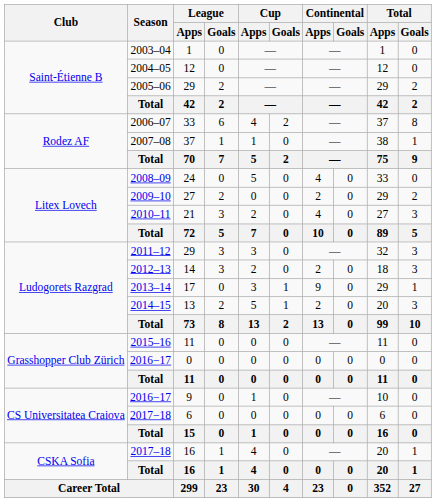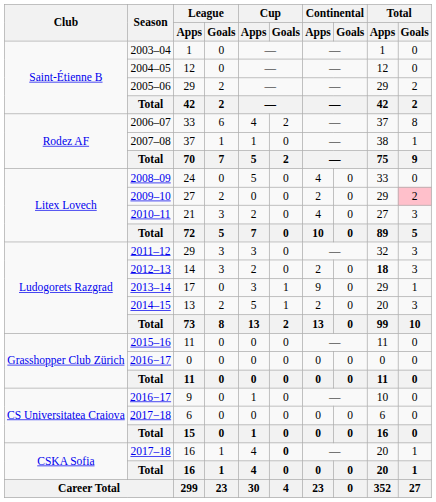 <table class="wikitable" style="text-align: center;">
 <tr>
 <th rowspan="2">Club</th>
 <th rowspan="2">Season</th>
 <th colspan="2">League</th>
 <th colspan="2">Cup</th>
 <th colspan="2">Continental</th>
 <th colspan="2">Total</th>
 </tr>
 <tr>
 <th>Apps</th>
 <th>Goals</th>
 <th>Apps</th>
 <th>Goals</th>
 <th>Apps</th>
 <th>Goals</th>
 <th>Apps</th>
 <th>Goals</th>
 </tr>
 <tr>
 <td rowspan="4"><a href='#'>Saint-Étienne B</a></td>
 <td>2003–04</td>
 <td>1</td>
 <td>0</td>
 <td colspan="2">—</td>
 <td colspan="2">—</td>
 <td>1</td>
 <td>0</td>
 </tr>
 <tr>
 <td>2004–05</td>
 <td>12</td>
 <td>0</td>
 <td colspan="2">—</td>
 <td colspan="2">—</td>
 <td>12</td>
 <td>0</td>
 </tr>
 <tr>
 <td>2005–06</td>
 <td>29</td>
 <td>2</td>
 <td colspan="2">—</td>
 <td colspan="2">—</td>
 <td>29</td>
 <td>2</td>
 </tr>
 <tr>
 <th>Total</th>
 <th>42</th>
 <th>2</th>
 <th colspan="2">—</th>
 <th colspan="2">—</th>
 <th>42</th>
 <th>2</th>
 </tr>
 <tr>
 <td rowspan="3"><a href='#'>Rodez AF</a></td>
 <td>2006–07</td>
 <td>33</td>
 <td>6</td>
 <td>4</td>
 <td>2</td>
 <td colspan="2">—</td>
 <td>37</td>
 <td>8</td>
 </tr>
 <tr>
 <td>2007–08</td>
 <td>37</td>
 <td>1</td>
 <td>1</td>
 <td>0</td>
 <td colspan="2">—</td>
 <td>38</td>
 <td>1</td>
 </tr>
 <tr>
 <th>Total</th>
 <th>70</th>
 <th>7</th>
 <th>5</th>
 <th>2</th>
 <th colspan="2">—</th>
 <th>75</th>
 <th>9</th>
 </tr>
 <tr>
 <td rowspan="4"><a href='#'>Litex Lovech</a></td>
 <td><a href='#'>2008–09</a></td>
 <td>24</td>
 <td>0</td>
 <td>5</td>
 <td>0</td>
 <td>4</td>
 <td>0</td>
 <td>33</td>
 <td>0</td>
 </tr>
 <tr>
 <td><a href='#'>2009–10</a></td>
 <td>27</td>
 <td>2</td>
 <td>0</td>
 <td>0</td>
 <td>2</td>
 <td>0</td>
 <td>29</td>
-<td>2</td>
+<td style="background: pink;">2</td>
 </tr>
 <tr>
 <td><a href='#'>2010–11</a></td>
 <td>21</td>
 <td>3</td>
 <td>2</td>
 <td>0</td>
 <td>4</td>
 <td>0</td>
 <td>27</td>
 <td>3</td>
 </tr>
 <tr>
 <th>Total</th>
 <th>72</th>
 <th>5</th>
 <th>7</th>
 <th>0</th>
 <th>10</th>
 <th>0</th>
 <th>89</th>
 <th>5</th>
 </tr>
 <tr>
 <td rowspan="5"><a href='#'>Ludogorets Razgrad</a></td>
 <td><a href='#'>2011–12</a></td>
 <td>29</td>
 <td>3</td>
 <td>3</td>
 <td>0</td>
 <td colspan="2">—</td>
 <td>32</td>
 <td>3</td>
 </tr>
 <tr>
 <td><a href='#'>2012–13</a></td>
 <td>14</td>
 <td>3</td>
 <td>2</td>
 <td>0</td>
 <td>2</td>
 <td>0</td>
-<td>18</td>
+<td><strong>18</strong></td>
 <td>3</td>
 </tr>
 <tr>
 <td><a href='#'>2013–14</a></td>
 <td>17</td>
 <td>0</td>
 <td>3</td>
 <td>1</td>
 <td>9</td>
 <td>0</td>
 <td>29</td>
 <td>1</td>
 </tr>
 <tr>
 <td><a href='#'>2014–15</a></td>
 <td>13</td>
 <td>2</td>
 <td>5</td>
 <td>1</td>
 <td>2</td>
 <td>0</td>
 <td>20</td>
 <td>3</td>
 </tr>
 <tr>
 <th>Total</th>
 <th>73</th>
 <th>8</th>
 <th>13</th>
 <th>2</th>
 <th>13</th>
 <th>0</th>
 <th>99</th>
 <th>10</th>
 </tr>
 <tr>
 <td rowspan="3"><a href='#'>Grasshopper Club Zürich</a></td>
 <td><a href='#'>2015–16</a></td>
 <td>11</td>
 <td>0</td>
 <td>0</td>
 <td>0</td>
 <td colspan="2">—</td>
 <td>11</td>
 <td>0</td>
 </tr>
 <tr>
 <td><a href='#'>2016−17</a></td>
 <td>0</td>
 <td>0</td>
 <td>0</td>
 <td>0</td>
 <td>0</td>
 <td>0</td>
 <td>0</td>
 <td>0</td>
 </tr>
 <tr>
 <th>Total</th>
 <th>11</th>
 <th>0</th>
 <th>0</th>
 <th>0</th>
 <th>0</th>
 <th>0</th>
 <th>11</th>
 <th>0</th>
 </tr>
 <tr>
 <td rowspan="3"><a href='#'>CS Universitatea Craiova</a></td>
 <td><a href='#'>2016−17</a></td>
 <td>9</td>
 <td>0</td>
 <td>1</td>
 <td>0</td>
 <td colspan="2">—</td>
 <td>10</td>
 <td>0</td>
 </tr>
 <tr>
 <td><a href='#'>2017−18</a></td>
 <td>6</td>
 <td>0</td>
 <td>0</td>
 <td>0</td>
 <td>0</td>
 <td>0</td>
 <td>6</td>
 <td>0</td>
 </tr>
 <tr>
 <th>Total</th>
 <th>15</th>
 <th>0</th>
 <th>1</th>
 <th>0</th>
 <th>0</th>
 <th>0</th>
 <th>16</th>
 <th>0</th>
 </tr>
 <tr>
 <td rowspan="2"><a href='#'>CSKA Sofia</a></td>
 <td><a href='#'>2017–18</a></td>
 <td>16</td>
 <td>1</td>
 <td>4</td>
-<td>0</td>
+<td><strong>0</strong></td>
 <td colspan="2">—</td>
 <td>20</td>
 <td>1</td>
 </tr>
 <tr>
 <th>Total</th>
 <th>16</th>
 <th>1</th>
 <th>4</th>
 <th>0</th>
 <th>0</th>
 <th>0</th>
 <th>20</th>
 <th>1</th>
 </tr>
 <tr>
 <th colspan="2">Career Total</th>
 <th>299</th>
 <th>23</th>
 <th>30</th>
 <th>4</th>
 <th>23</th>
 <th>0</th>
 <th>352</th>
 <th>27</th>
 </tr>
 </table>
